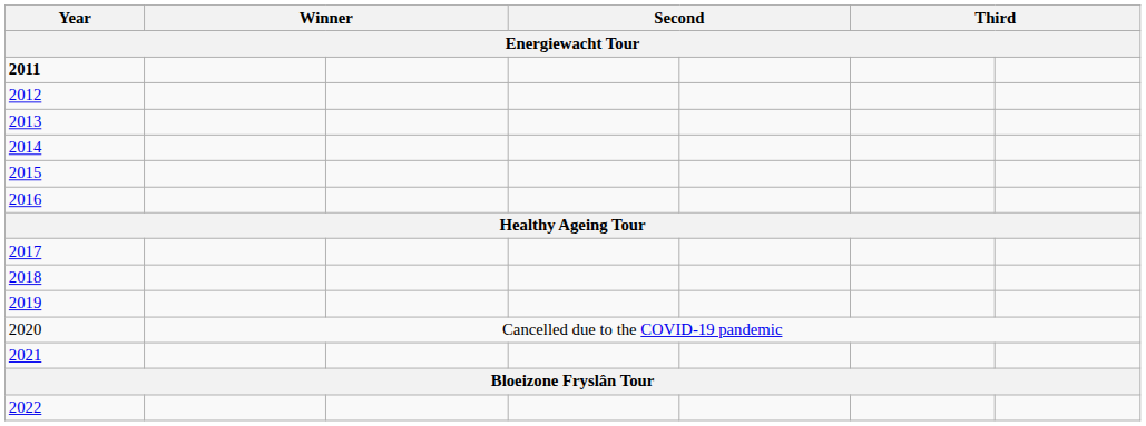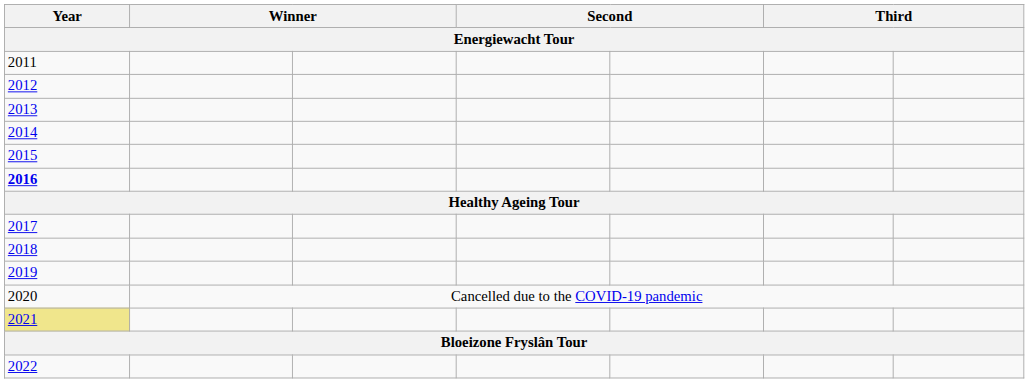 <table class=wikitable width="70%">
 <tr>
 <th>Year</th>
 <th colspan="2">Winner</th>
 <th colspan="2">Second</th>
 <th colspan="2">Third</th>
 </tr>
 <tr>
 <th colspan="7">Energiewacht Tour</th>
 </tr>
 <tr>
-<td><strong>2011</strong></td>
+<td>2011</td>
 <td></td>
 <td></td>
 <td></td>
 <td></td>
 <td></td>
 <td></td>
 </tr>
 <tr>
 <td><a href='#'>2012</a></td>
 <td></td>
 <td></td>
 <td></td>
 <td></td>
 <td></td>
 <td></td>
 </tr>
 <tr>
 <td><a href='#'>2013</a></td>
 <td></td>
 <td></td>
 <td></td>
 <td></td>
 <td></td>
 <td></td>
 </tr>
 <tr>
 <td><a href='#'>2014</a></td>
 <td></td>
 <td></td>
 <td></td>
 <td></td>
 <td></td>
 <td></td>
 </tr>
 <tr>
 <td><a href='#'>2015</a></td>
 <td></td>
 <td></td>
 <td></td>
 <td></td>
 <td></td>
 <td></td>
 </tr>
 <tr>
-<td><a href='#'>2016</a></td>
+<td><strong><a href='#'>2016</a></strong></td>
 <td></td>
 <td></td>
 <td></td>
 <td></td>
 <td></td>
 <td></td>
 </tr>
 <tr>
 <th colspan="7">Healthy Ageing Tour</th>
 </tr>
 <tr>
 <td><a href='#'>2017</a></td>
 <td></td>
 <td></td>
 <td></td>
 <td></td>
 <td></td>
 <td></td>
 </tr>
 <tr>
 <td><a href='#'>2018</a></td>
 <td></td>
 <td></td>
 <td></td>
 <td></td>
 <td></td>
 <td></td>
 </tr>
 <tr>
 <td><a href='#'>2019</a></td>
 <td></td>
 <td></td>
 <td></td>
 <td></td>
 <td></td>
 <td></td>
 </tr>
 <tr>
 <td>2020</td>
 <td align="center" colspan="6">Cancelled due to the <a href='#'>COVID-19 pandemic</a></td>
 </tr>
 <tr>
-<td><a href='#'>2021</a></td>
+<td style="background: khaki;"><a href='#'>2021</a></td>
 <td></td>
 <td></td>
 <td></td>
 <td></td>
 <td></td>
 <td></td>
 </tr>
 <tr>
 <th colspan="7">Bloeizone Fryslân Tour</th>
 </tr>
 <tr>
 <td><a href='#'>2022</a></td>
 <td></td>
 <td></td>
 <td></td>
 <td></td>
 <td></td>
 <td></td>
 </tr>
 </table>
